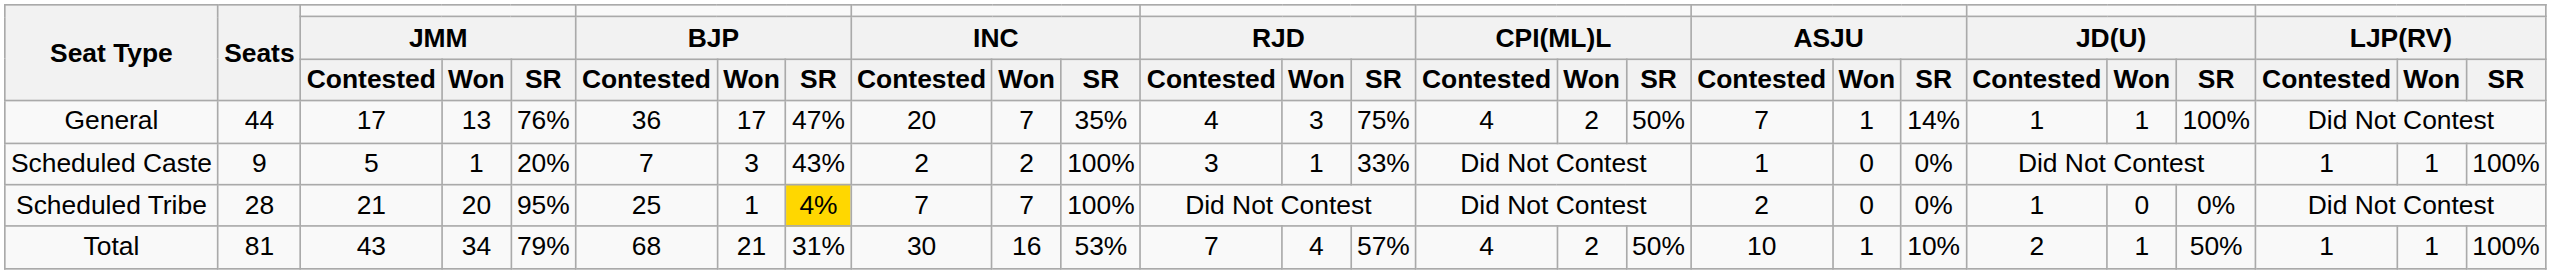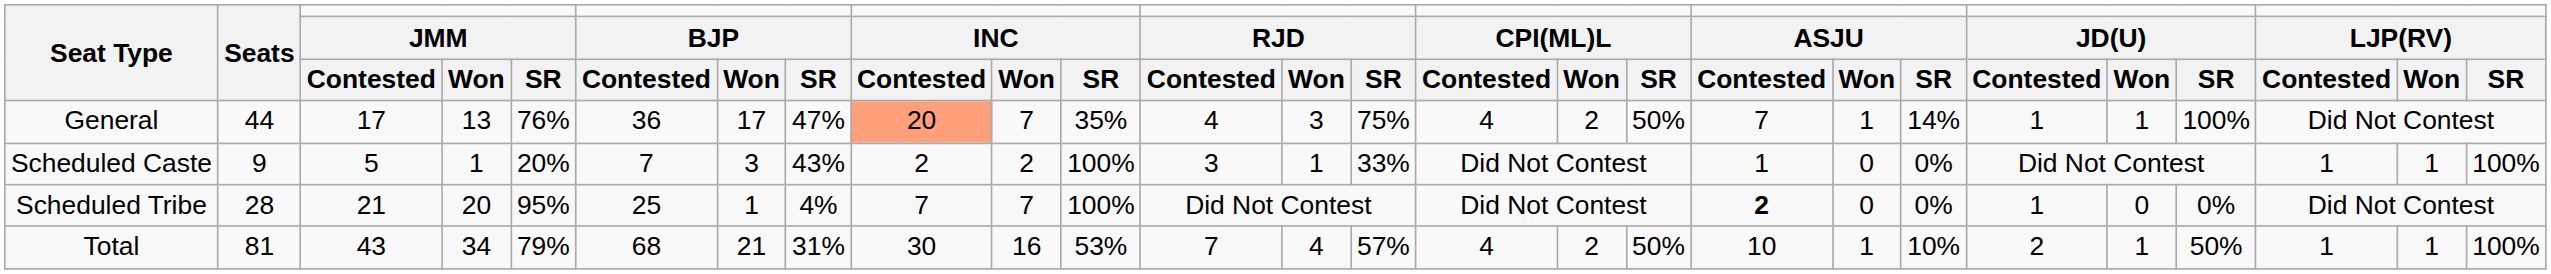 <table class="wikitable" style="text-align:center;">
 <tr>
 <th rowspan="3">Seat Type</th>
 <th rowspan="3">Seats</th>
 <td colspan="3"></td>
 <td colspan="3"></td>
 <td colspan="3"></td>
 <td colspan="3"></td>
 <td colspan="3"></td>
 <td colspan="3"></td>
 <td colspan="3"></td>
 <td colspan="3"></td>
 </tr>
 <tr>
 <th colspan="3">JMM</th>
 <th colspan="3">BJP</th>
 <th colspan="3">INC</th>
 <th colspan="3">RJD</th>
 <th colspan="3">CPI(ML)L</th>
 <th colspan="3">ASJU</th>
 <th colspan="3">JD(U)</th>
 <th colspan="3">LJP(RV)</th>
 </tr>
 <tr>
 <th>Contested</th>
 <th>Won</th>
 <th>SR</th>
 <th>Contested</th>
 <th>Won</th>
 <th>SR</th>
 <th>Contested</th>
 <th>Won</th>
 <th>SR</th>
 <th>Contested</th>
 <th>Won</th>
 <th>SR</th>
 <th>Contested</th>
 <th>Won</th>
 <th>SR</th>
 <th>Contested</th>
 <th>Won</th>
 <th>SR</th>
 <th>Contested</th>
 <th>Won</th>
 <th>SR</th>
 <th>Contested</th>
 <th>Won</th>
 <th>SR</th>
 </tr>
 <tr>
 <td>General</td>
 <td>44</td>
 <td>17</td>
 <td>13</td>
 <td>76%</td>
 <td>36</td>
 <td>17</td>
 <td>47%</td>
-<td>20</td>
+<td style="background: lightsalmon;">20</td>
 <td>7</td>
 <td>35%</td>
 <td>4</td>
 <td>3</td>
 <td>75%</td>
 <td>4</td>
 <td>2</td>
 <td>50%</td>
 <td>7</td>
 <td>1</td>
 <td>14%</td>
 <td>1</td>
 <td>1</td>
 <td>100%</td>
 <td colspan="3">Did Not Contest</td>
 </tr>
 <tr>
 <td>Scheduled Caste</td>
 <td>9</td>
 <td>5</td>
 <td>1</td>
 <td>20%</td>
 <td>7</td>
 <td>3</td>
 <td>43%</td>
 <td>2</td>
 <td>2</td>
 <td>100%</td>
 <td>3</td>
 <td>1</td>
 <td>33%</td>
 <td colspan="3">Did Not Contest</td>
 <td>1</td>
 <td>0</td>
 <td>0%</td>
 <td colspan="3">Did Not Contest</td>
 <td>1</td>
 <td>1</td>
 <td>100%</td>
 </tr>
 <tr>
 <td>Scheduled Tribe</td>
 <td>28</td>
 <td>21</td>
 <td>20</td>
 <td>95%</td>
 <td>25</td>
 <td>1</td>
-<td style="background: gold;">4%</td>
+<td>4%</td>
 <td>7</td>
 <td>7</td>
 <td>100%</td>
 <td colspan="3">Did Not Contest</td>
 <td colspan="3">Did Not Contest</td>
-<td>2</td>
+<td><strong>2</strong></td>
 <td>0</td>
 <td>0%</td>
 <td>1</td>
 <td>0</td>
 <td>0%</td>
 <td colspan="3">Did Not Contest</td>
 </tr>
 <tr>
 <td>Total</td>
 <td>81</td>
 <td>43</td>
 <td>34</td>
 <td>79%</td>
 <td>68</td>
 <td>21</td>
 <td>31%</td>
 <td>30</td>
 <td>16</td>
 <td>53%</td>
 <td>7</td>
 <td>4</td>
 <td>57%</td>
 <td>4</td>
 <td>2</td>
 <td>50%</td>
 <td>10</td>
 <td>1</td>
 <td>10%</td>
 <td>2</td>
 <td>1</td>
 <td>50%</td>
 <td>1</td>
 <td>1</td>
 <td>100%</td>
 </tr>
 </table>
